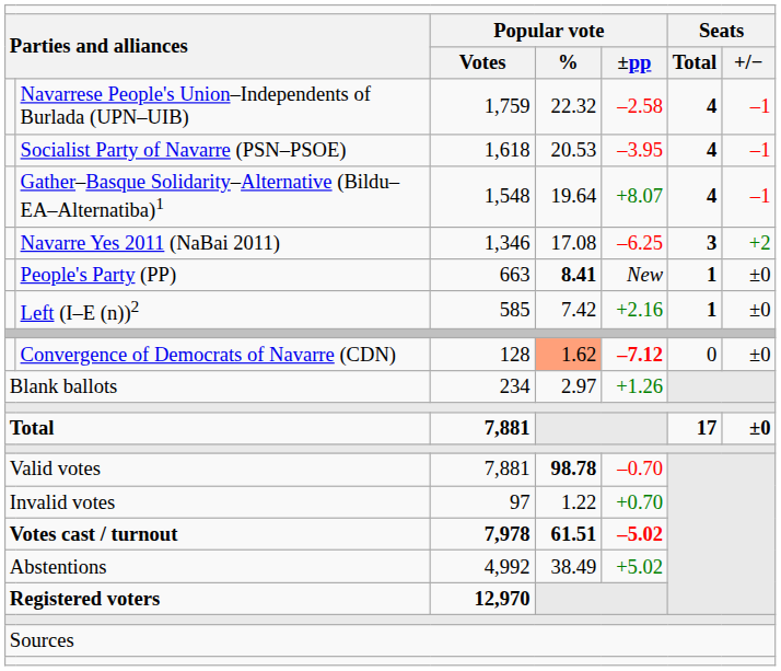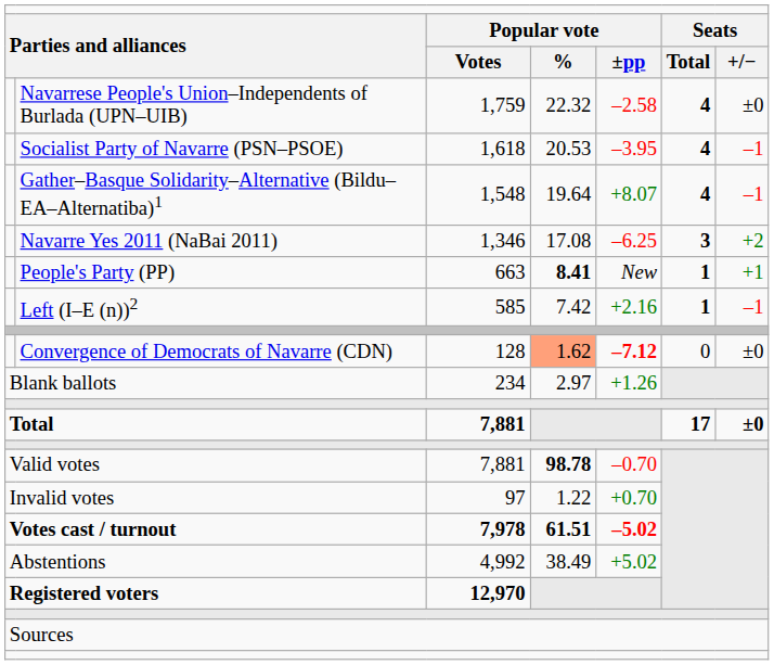 <table class="wikitable" style="text-align:right;">
 <tr>
 <td colspan="7"></td>
 </tr>
 <tr>
 <th style="text-align:left;" rowspan="2" colspan="2" width="525">Parties and alliances</th>
 <th colspan="3">Popular vote</th>
 <th colspan="2">Seats</th>
 </tr>
 <tr>
 <th width="75">Votes</th>
 <th width="45">%</th>
 <th width="45">±<a href='#'>pp</a></th>
 <th width="35">Total</th>
 <th width="35">+/−</th>
 </tr>
 <tr>
 <td width="1" style="color:inherit;background:"></td>
 <td align="left"><a href='#'>Navarrese People's Union</a>–Independents of Burlada (UPN–UIB)</td>
 <td>1,759</td>
 <td>22.32</td>
 <td style="color:red;">–2.58</td>
 <td><strong>4</strong></td>
-<td style="color:red;">–1</td>
+<td>±0</td>
 </tr>
 <tr>
 <td style="color:inherit;background:"></td>
 <td align="left"><a href='#'>Socialist Party of Navarre</a> (PSN–PSOE)</td>
 <td>1,618</td>
 <td>20.53</td>
 <td style="color:red;">–3.95</td>
 <td><strong>4</strong></td>
 <td style="color:red;">–1</td>
 </tr>
 <tr>
 <td style="color:inherit;background:"></td>
 <td align="left"><a href='#'>Gather</a>–<a href='#'>Basque Solidarity</a>–<a href='#'>Alternative</a> (Bildu–EA–Alternatiba)<sup>1</sup></td>
 <td>1,548</td>
 <td>19.64</td>
 <td style="color:green;">+8.07</td>
 <td><strong>4</strong></td>
 <td style="color:red;">–1</td>
 </tr>
 <tr>
 <td style="color:inherit;background:"></td>
 <td align="left"><a href='#'>Navarre Yes 2011</a> (NaBai 2011)</td>
 <td>1,346</td>
 <td>17.08</td>
 <td style="color:red;">–6.25</td>
 <td><strong>3</strong></td>
 <td style="color:green;">+2</td>
 </tr>
 <tr>
 <td style="color:inherit;background:"></td>
 <td align="left"><a href='#'>People's Party</a> (PP)</td>
 <td>663</td>
 <td><strong>8.41</strong></td>
 <td><em>New</em></td>
 <td><strong>1</strong></td>
-<td>±0</td>
+<td style="color:green;">+1</td>
 </tr>
 <tr>
 <td style="color:inherit;background:"></td>
 <td align="left"><a href='#'>Left</a> (I–E (n))<sup>2</sup></td>
 <td>585</td>
 <td>7.42</td>
 <td style="color:green;">+2.16</td>
 <td><strong>1</strong></td>
-<td>±0</td>
+<td style="color:red;">–1</td>
 </tr>
 <tr>
 <td colspan="7" bgcolor="#C0C0C0"></td>
 </tr>
 <tr>
 <td style="color:inherit;background:"></td>
 <td align="left"><a href='#'>Convergence of Democrats of Navarre</a> (CDN)</td>
 <td>128</td>
 <td style="background: lightsalmon;">1.62</td>
 <td style="color:red;"><strong>–7.12</strong></td>
 <td>0</td>
 <td>±0</td>
 </tr>
 <tr>
 <td align="left" colspan="2">Blank ballots</td>
 <td>234</td>
 <td>2.97</td>
 <td style="color:green;">+1.26</td>
 <td bgcolor="#E9E9E9" colspan="2"></td>
 </tr>
 <tr>
 <td colspan="7" bgcolor="#E9E9E9"></td>
 </tr>
 <tr style="font-weight:bold;">
 <td align="left" colspan="2">Total</td>
 <td>7,881</td>
 <td bgcolor="#E9E9E9" colspan="2"></td>
 <td>17</td>
 <td>±0</td>
 </tr>
 <tr>
 <td colspan="7" bgcolor="#E9E9E9"></td>
 </tr>
 <tr>
 <td align="left" colspan="2">Valid votes</td>
 <td>7,881</td>
 <td><strong>98.78</strong></td>
 <td style="color:red;">–0.70</td>
 <td bgcolor="#E9E9E9" colspan="2" rowspan="5"></td>
 </tr>
 <tr>
 <td align="left" colspan="2">Invalid votes</td>
 <td>97</td>
 <td>1.22</td>
 <td style="color:green;">+0.70</td>
 </tr>
 <tr style="font-weight:bold;">
 <td align="left" colspan="2">Votes cast / turnout</td>
 <td>7,978</td>
 <td>61.51</td>
 <td style="color:red;">–5.02</td>
 </tr>
 <tr>
 <td align="left" colspan="2">Abstentions</td>
 <td>4,992</td>
 <td>38.49</td>
 <td style="color:green;">+5.02</td>
 </tr>
 <tr style="font-weight:bold;">
 <td align="left" colspan="2">Registered voters</td>
 <td>12,970</td>
 <td bgcolor="#E9E9E9" colspan="2"></td>
 </tr>
 <tr>
 <td colspan="7" bgcolor="#E9E9E9"></td>
 </tr>
 <tr>
 <td align="left" colspan="7">Sources</td>
 </tr>
 <tr>
 <td colspan="7" style="text-align:left; max-width:790px;"></td>
 </tr>
 </table>
